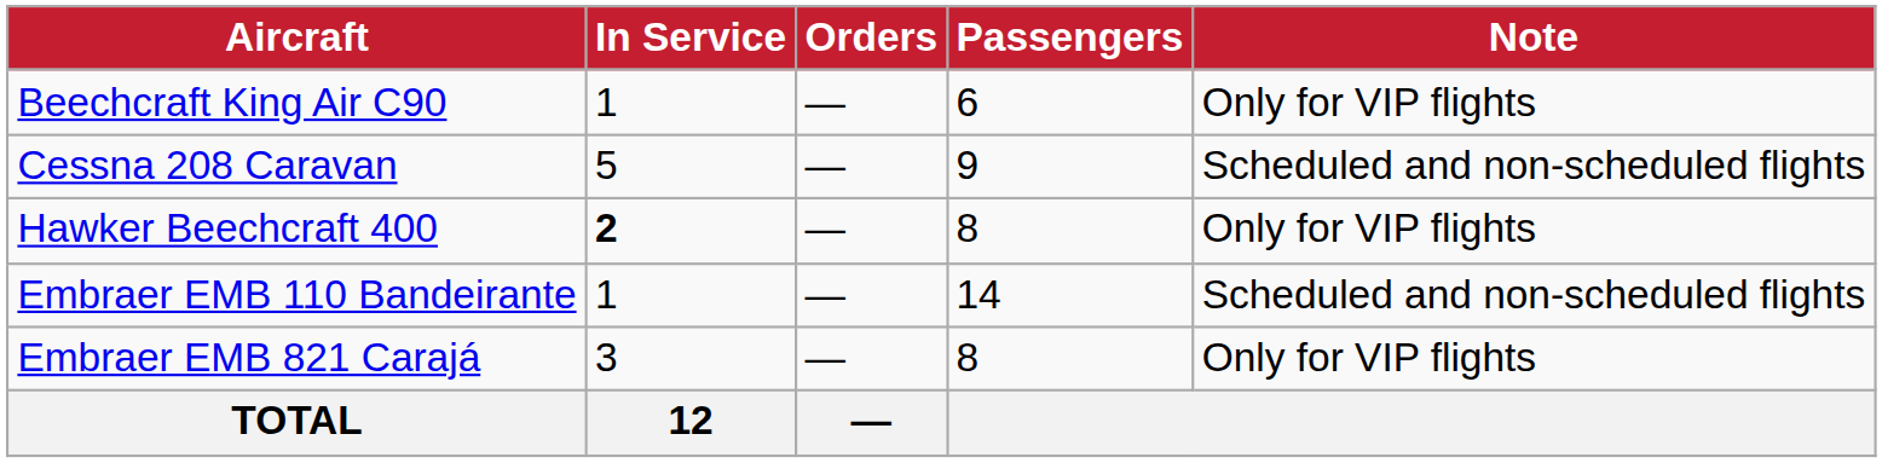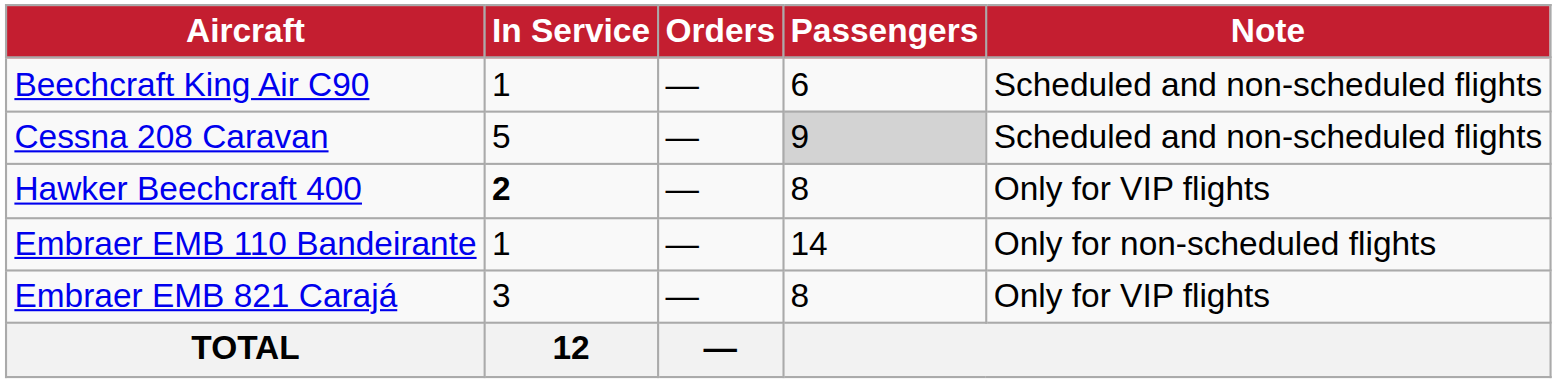 <table class="wikitable" style="margin: 1em auto;">
 <tr>
 <th style="background:#c41e30; color:white;">Aircraft</th>
 <th style="background:#c41e30; color:white;">In Service</th>
 <th style="background:#c41e30; color:white;">Orders</th>
 <th style="background:#c41e30; color:white;">Passengers</th>
 <th style="background:#c41e30; color:white;">Note</th>
 </tr>
 <tr>
 <td rowspan="1"><div><a href='#'>Beechcraft King Air C90</a></div></td>
 <td rowspan="1"><div>1</div></td>
 <td rowspan="1"><div>—</div></td>
 <td rowspan="1"><div>6</div></td>
-<td><div>Only for VIP flights</div></td>
+<td><div>Scheduled and non-scheduled flights</div></td>
 </tr>
 <tr>
 <td rowspan="1"><div><a href='#'>Cessna 208 Caravan</a></div></td>
 <td rowspan="1"><div>5</div></td>
 <td rowspan="1"><div>—</div></td>
-<td rowspan="1"><div>9</div></td>
+<td rowspan="1" style="background: lightgrey;"><div>9</div></td>
 <td><div>Scheduled and non-scheduled flights</div></td>
 </tr>
 <tr>
 <td rowspan="1"><div><a href='#'> Hawker Beechcraft 400</a></div></td>
 <td rowspan="1"><strong><div>2</div></strong></td>
 <td rowspan="1"><div>—</div></td>
 <td rowspan="1"><div>8</div></td>
 <td><div>Only for VIP flights</div></td>
 </tr>
 <tr>
 <td rowspan="1"><div><a href='#'>Embraer EMB 110 Bandeirante</a></div></td>
 <td rowspan="1"><div>1</div></td>
 <td rowspan="1"><div>—</div></td>
 <td rowspan="1"><div>14</div></td>
-<td><div>Scheduled and non-scheduled flights</div></td>
+<td><div>Only for non-scheduled flights</div></td>
 </tr>
 <tr>
 <td rowspan="1"><div><a href='#'>Embraer EMB 821 Carajá</a></div></td>
 <td rowspan="1"><div>3</div></td>
 <td rowspan="1"><div>—</div></td>
 <td rowspan="1"><div>8</div></td>
 <td><div>Only for VIP flights</div></td>
 </tr>
 <tr>
 <th>TOTAL</th>
 <th>12</th>
 <th>—</th>
 <th colspan="3"></th>
 </tr>
 </table>
